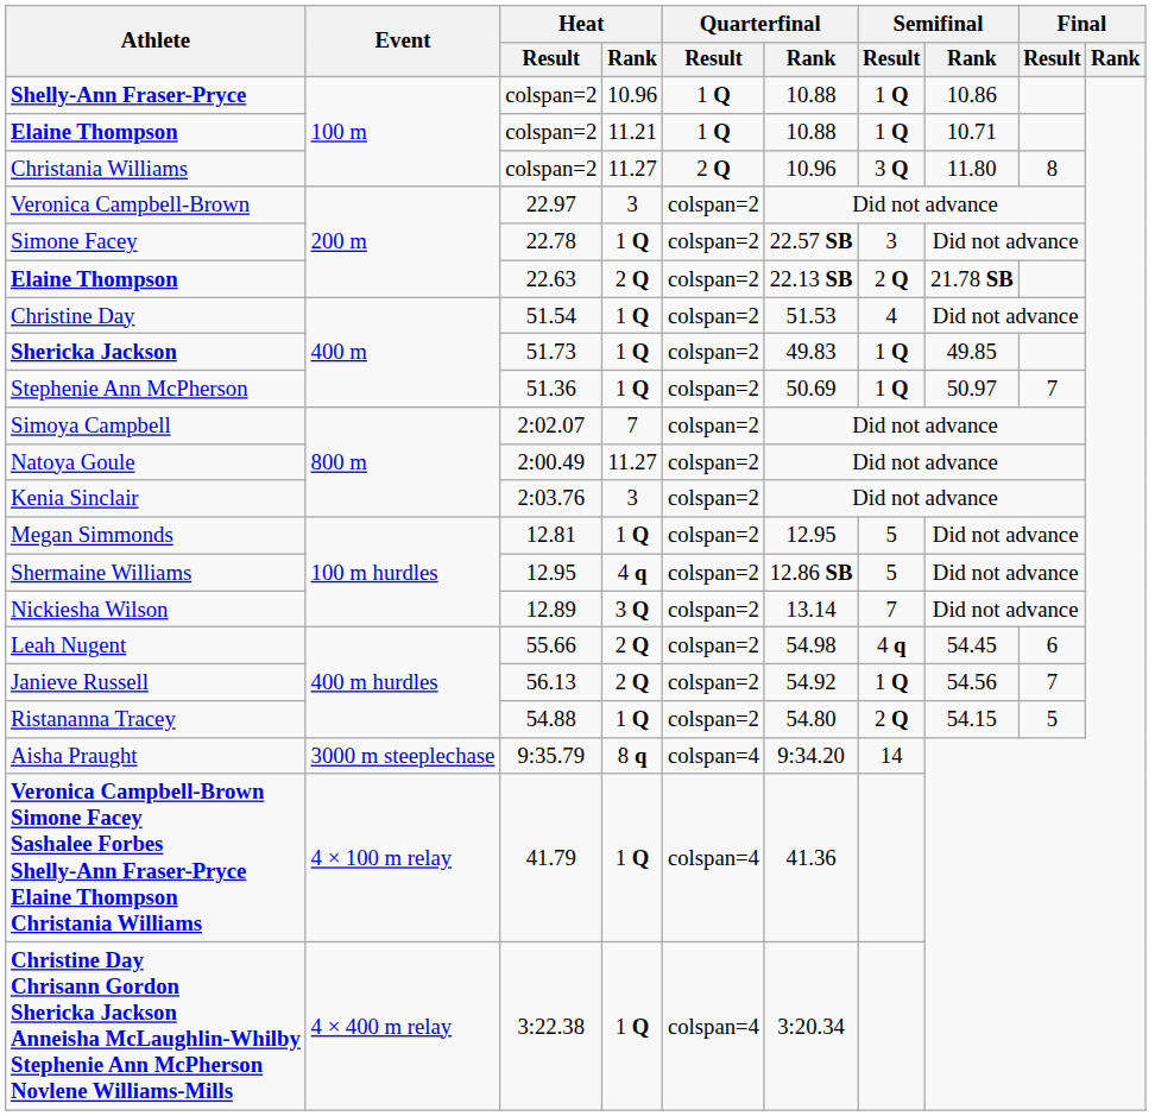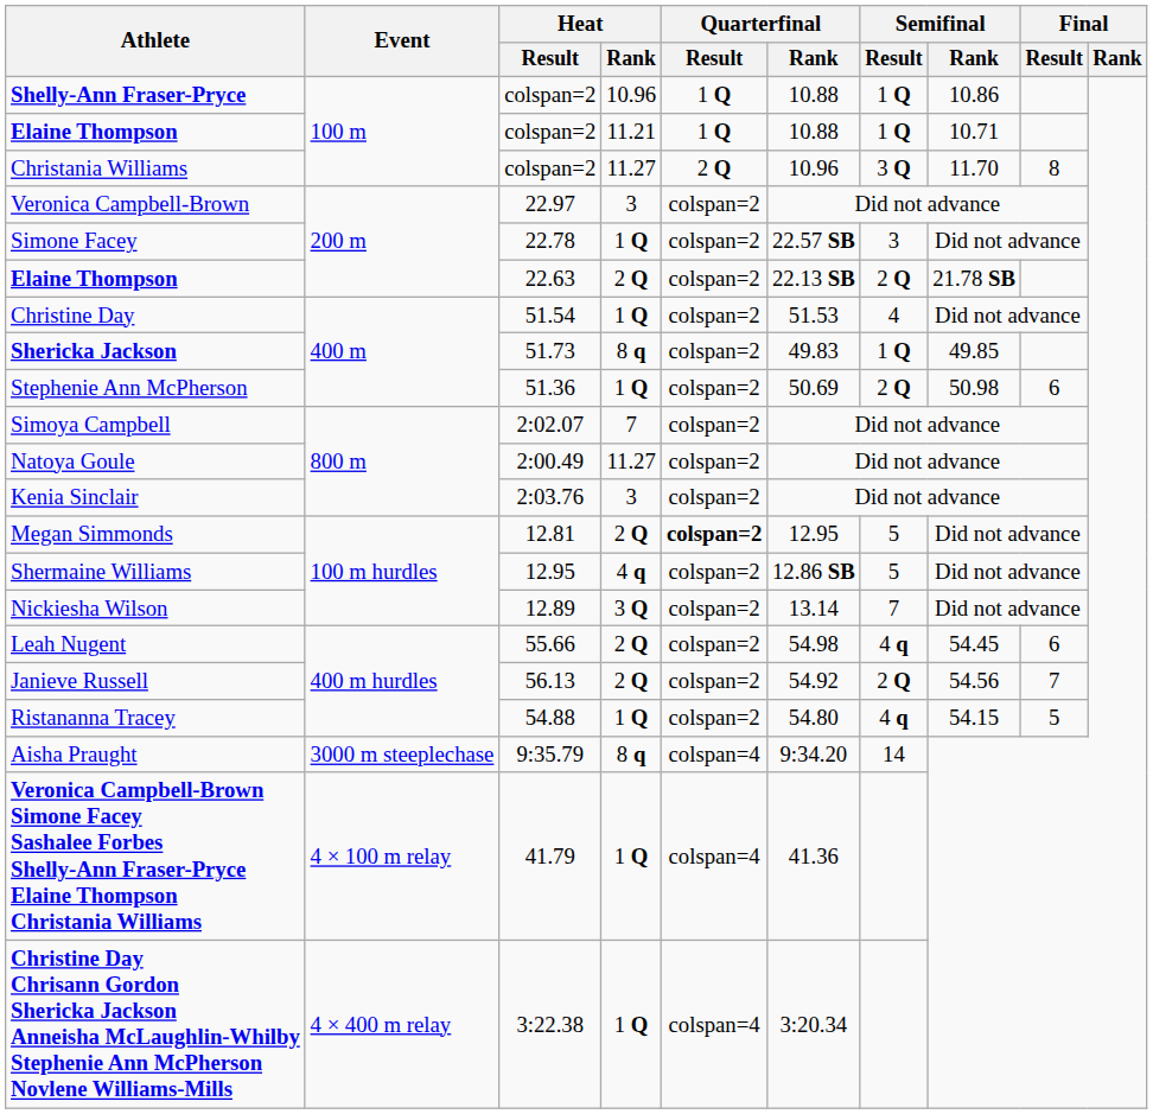 <table class="wikitable" style="font-size:90%">
 <tr>
 <th rowspan="2">Athlete</th>
 <th rowspan="2">Event</th>
 <th colspan="2">Heat</th>
 <th colspan="2">Quarterfinal</th>
 <th colspan="2">Semifinal</th>
 <th colspan="2">Final</th>
 </tr>
 <tr style="font-size:95%">
 <th>Result</th>
 <th>Rank</th>
 <th>Result</th>
 <th>Rank</th>
 <th>Result</th>
 <th>Rank</th>
 <th>Result</th>
 <th>Rank</th>
 </tr>
 <tr align=center>
 <td align=left><strong><a href='#'>Shelly-Ann Fraser-Pryce</a></strong></td>
 <td align=left rowspan=3><a href='#'>100 m</a></td>
 <td>colspan=2 </td>
 <td>10.96</td>
 <td>1 <strong>Q</strong></td>
 <td>10.88</td>
 <td>1 <strong>Q</strong></td>
 <td>10.86</td>
 <td></td>
 </tr>
 <tr align=center>
 <td align=left><strong><a href='#'>Elaine Thompson</a></strong></td>
 <td>colspan=2 </td>
 <td>11.21</td>
 <td>1 <strong>Q</strong></td>
 <td>10.88</td>
 <td>1 <strong>Q</strong></td>
 <td>10.71</td>
 <td></td>
 </tr>
 <tr align=center>
 <td align=left><a href='#'>Christania Williams</a></td>
 <td>colspan=2 </td>
 <td>11.27</td>
 <td>2 <strong>Q</strong></td>
 <td>10.96</td>
 <td>3 <strong>Q</strong></td>
-<td>11.80</td>
+<td>11.70</td>
 <td>8</td>
 </tr>
 <tr align=center>
 <td align=left><a href='#'>Veronica Campbell-Brown</a></td>
 <td align=left rowspan=3><a href='#'>200 m</a></td>
 <td>22.97</td>
 <td>3</td>
 <td>colspan=2 </td>
 <td colspan=4>Did not advance</td>
 </tr>
 <tr align=center>
 <td align=left><a href='#'>Simone Facey</a></td>
 <td>22.78</td>
 <td>1 <strong>Q</strong></td>
 <td>colspan=2 </td>
 <td>22.57 <strong>SB</strong></td>
 <td>3</td>
 <td colspan=2>Did not advance</td>
 </tr>
 <tr align=center>
 <td align=left><strong><a href='#'>Elaine Thompson</a></strong></td>
 <td>22.63</td>
 <td>2 <strong>Q</strong></td>
 <td>colspan=2 </td>
 <td>22.13 <strong>SB</strong></td>
 <td>2 <strong>Q</strong></td>
 <td>21.78 <strong>SB</strong></td>
 <td></td>
 </tr>
 <tr align=center>
 <td align=left><a href='#'>Christine Day</a></td>
 <td align=left rowspan=3><a href='#'>400 m</a></td>
 <td>51.54</td>
 <td>1 <strong>Q</strong></td>
 <td>colspan=2 </td>
 <td>51.53</td>
 <td>4</td>
 <td colspan=2>Did not advance</td>
 </tr>
 <tr align=center>
 <td align=left><strong><a href='#'>Shericka Jackson</a></strong></td>
 <td>51.73</td>
-<td>1 <strong>Q</strong></td>
+<td>8 <strong>q</strong></td>
 <td>colspan=2 </td>
 <td>49.83</td>
 <td>1 <strong>Q</strong></td>
 <td>49.85</td>
 <td></td>
 </tr>
 <tr align=center>
 <td align=left><a href='#'>Stephenie Ann McPherson</a></td>
 <td>51.36</td>
 <td>1 <strong>Q</strong></td>
 <td>colspan=2 </td>
 <td>50.69</td>
-<td>1 <strong>Q</strong></td>
-<td>50.97</td>
-<td>7</td>
+<td>2 <strong>Q</strong></td>
+<td>50.98</td>
+<td>6</td>
 </tr>
 <tr align=center>
 <td align=left><a href='#'>Simoya Campbell</a></td>
 <td align=left rowspan=3><a href='#'>800 m</a></td>
 <td>2:02.07</td>
 <td>7</td>
 <td>colspan=2 </td>
 <td colspan=4>Did not advance</td>
 </tr>
 <tr align=center>
 <td align=left><a href='#'>Natoya Goule</a></td>
 <td>2:00.49</td>
 <td>11.27</td>
 <td>colspan=2 </td>
 <td colspan=4>Did not advance</td>
 </tr>
 <tr align=center>
 <td align=left><a href='#'>Kenia Sinclair</a></td>
 <td>2:03.76</td>
 <td>3</td>
 <td>colspan=2 </td>
 <td colspan=4>Did not advance</td>
 </tr>
 <tr align=center>
 <td align=left><a href='#'>Megan Simmonds</a></td>
 <td align=left rowspan=3><a href='#'>100 m hurdles</a></td>
 <td>12.81</td>
-<td>1 <strong>Q</strong></td>
-<td>colspan=2 </td>
+<td>2 <strong>Q</strong></td>
+<td><strong>colspan=2 </strong></td>
 <td>12.95</td>
 <td>5</td>
 <td colspan=2>Did not advance</td>
 </tr>
 <tr align=center>
 <td align=left><a href='#'>Shermaine Williams</a></td>
 <td>12.95</td>
 <td>4 <strong>q</strong></td>
 <td>colspan=2 </td>
 <td>12.86 <strong>SB</strong></td>
 <td>5</td>
 <td colspan=2>Did not advance</td>
 </tr>
 <tr align=center>
 <td align=left><a href='#'>Nickiesha Wilson</a></td>
 <td>12.89</td>
 <td>3 <strong>Q</strong></td>
 <td>colspan=2 </td>
 <td>13.14</td>
 <td>7</td>
 <td colspan=2>Did not advance</td>
 </tr>
 <tr align=center>
 <td align=left><a href='#'>Leah Nugent</a></td>
 <td align=left rowspan=3><a href='#'>400 m hurdles</a></td>
 <td>55.66</td>
 <td>2 <strong>Q</strong></td>
 <td>colspan=2 </td>
 <td>54.98</td>
 <td>4 <strong>q</strong></td>
 <td>54.45</td>
 <td>6</td>
 </tr>
 <tr align=center>
 <td align=left><a href='#'>Janieve Russell</a></td>
 <td>56.13</td>
 <td>2 <strong>Q</strong></td>
 <td>colspan=2 </td>
 <td>54.92</td>
-<td>1 <strong>Q</strong></td>
+<td>2 <strong>Q</strong></td>
 <td>54.56</td>
 <td>7</td>
 </tr>
 <tr align=center>
 <td align=left><a href='#'>Ristananna Tracey</a></td>
 <td>54.88</td>
 <td>1 <strong>Q</strong></td>
 <td>colspan=2 </td>
 <td>54.80</td>
-<td>2 <strong>Q</strong></td>
+<td>4 <strong>q</strong></td>
 <td>54.15</td>
 <td>5</td>
 </tr>
 <tr align=center>
 <td align=left><a href='#'>Aisha Praught</a></td>
 <td align=left><a href='#'>3000 m steeplechase</a></td>
 <td>9:35.79</td>
 <td>8 <strong>q</strong></td>
 <td>colspan=4 </td>
 <td>9:34.20</td>
 <td>14</td>
 </tr>
 <tr align=center>
 <td align=left><strong><a href='#'>Veronica Campbell-Brown</a><br><a href='#'>Simone Facey</a><br><a href='#'>Sashalee Forbes</a><br><a href='#'>Shelly-Ann Fraser-Pryce</a><br><a href='#'>Elaine Thompson</a><br><a href='#'>Christania Williams</a></strong></td>
 <td align=left><a href='#'>4 × 100 m relay</a></td>
 <td>41.79</td>
 <td>1 <strong>Q</strong></td>
 <td>colspan=4 </td>
 <td>41.36</td>
 <td></td>
 </tr>
 <tr align=center>
 <td align=left><strong><a href='#'>Christine Day</a><br><a href='#'>Chrisann Gordon</a><br><a href='#'>Shericka Jackson</a><br><a href='#'>Anneisha McLaughlin-Whilby</a><br><a href='#'>Stephenie Ann McPherson</a><br><a href='#'>Novlene Williams-Mills</a></strong></td>
 <td align=left><a href='#'>4 × 400 m relay</a></td>
 <td>3:22.38</td>
 <td>1 <strong>Q</strong></td>
 <td>colspan=4 </td>
 <td>3:20.34</td>
 <td></td>
 </tr>
 </table>
